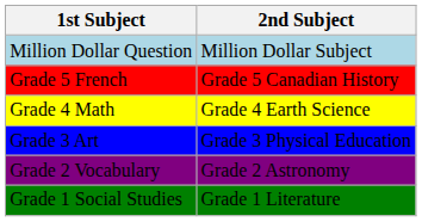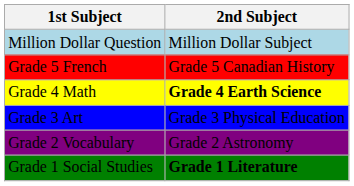 <table class="wikitable">
 <tr>
 <th>1st Subject</th>
 <th>2nd Subject</th>
 </tr>
 <tr>
 <td bgcolor="lightblue">Million Dollar Question</td>
 <td bgcolor="lightblue">Million Dollar Subject</td>
 </tr>
 <tr>
 <td bgcolor="red">Grade 5 French</td>
 <td bgcolor="red">Grade 5 Canadian History</td>
 </tr>
 <tr>
 <td bgcolor="yellow">Grade 4 Math</td>
-<td bgcolor="yellow">Grade 4 Earth Science</td>
+<td bgcolor="yellow"><strong>Grade 4 Earth Science</strong></td>
 </tr>
 <tr>
 <td bgcolor="blue">Grade 3 Art</td>
 <td bgcolor="blue">Grade 3 Physical Education</td>
 </tr>
 <tr>
 <td bgcolor="purple">Grade 2 Vocabulary</td>
 <td bgcolor="purple">Grade 2 Astronomy</td>
 </tr>
 <tr>
 <td bgcolor="green">Grade 1 Social Studies</td>
-<td bgcolor="green">Grade 1 Literature</td>
+<td bgcolor="green"><strong>Grade 1 Literature</strong></td>
 </tr>
 </table>
